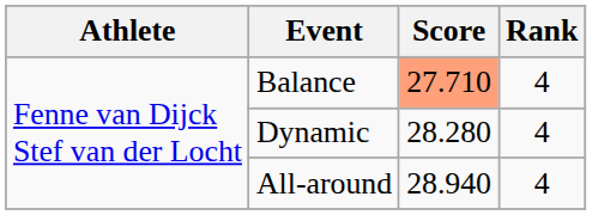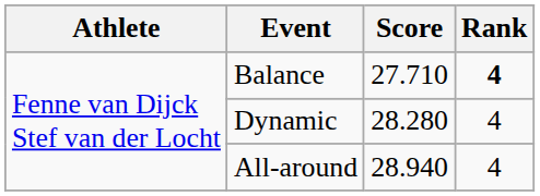 <table class="wikitable" style="text-align:center; font-size:90%">
 <tr>
 <th>Athlete</th>
 <th>Event</th>
 <th>Score</th>
 <th>Rank</th>
 </tr>
 <tr>
 <td rowspan=3 align=left><a href='#'>Fenne van Dijck</a><br><a href='#'>Stef van der Locht</a></td>
 <td align=left>Balance</td>
-<td style="background: lightsalmon;">27.710</td>
-<td>4</td>
+<td>27.710</td>
+<td><strong>4</strong></td>
 </tr>
 <tr>
 <td align=left>Dynamic</td>
 <td>28.280</td>
 <td>4</td>
 </tr>
 <tr>
 <td align=left>All-around</td>
 <td>28.940</td>
 <td>4</td>
 </tr>
 </table>
